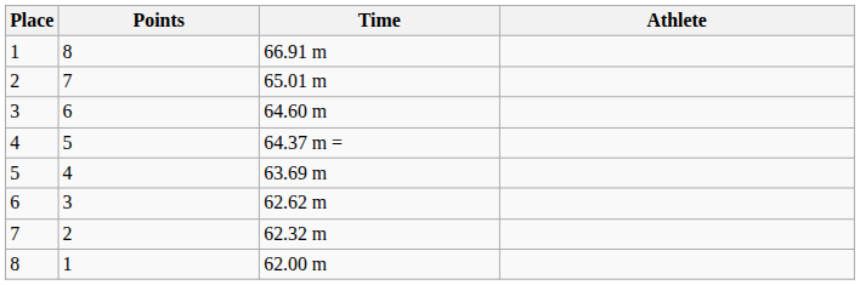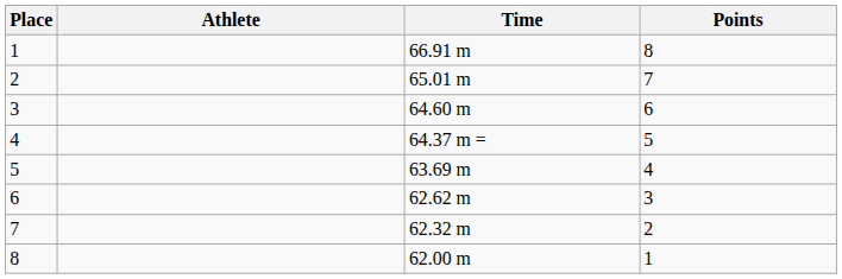 <table class=wikitable>
 <tr>
 <th>Place</th>
+<th style="width:18em">Athlete</th>
+<th style="width:12em">Time</th>
 <th style="width:10em">Points</th>
-<th style="width:12em">Time</th>
-<th style="width:18em">Athlete</th>
 </tr>
 <tr>
 <td>1</td>
+<td></td>
+<td>66.91 m</td>
 <td>8</td>
-<td>66.91 m</td>
-<td></td>
 </tr>
 <tr>
 <td>2</td>
+<td></td>
+<td>65.01 m</td>
 <td>7</td>
-<td>65.01 m</td>
-<td></td>
 </tr>
 <tr>
 <td>3</td>
+<td></td>
+<td>64.60 m</td>
 <td>6</td>
-<td>64.60 m</td>
-<td></td>
 </tr>
 <tr>
 <td>4</td>
+<td></td>
+<td>64.37 m =</td>
 <td>5</td>
-<td>64.37 m =</td>
-<td></td>
 </tr>
 <tr>
 <td>5</td>
+<td></td>
+<td>63.69 m</td>
 <td>4</td>
-<td>63.69 m</td>
-<td></td>
 </tr>
 <tr>
 <td>6</td>
+<td></td>
+<td>62.62 m</td>
 <td>3</td>
-<td>62.62 m</td>
-<td></td>
 </tr>
 <tr>
 <td>7</td>
+<td></td>
+<td>62.32 m</td>
 <td>2</td>
-<td>62.32 m</td>
-<td></td>
 </tr>
 <tr>
 <td>8</td>
+<td></td>
+<td>62.00 m</td>
 <td>1</td>
-<td>62.00 m</td>
-<td></td>
 </tr>
 </table>
